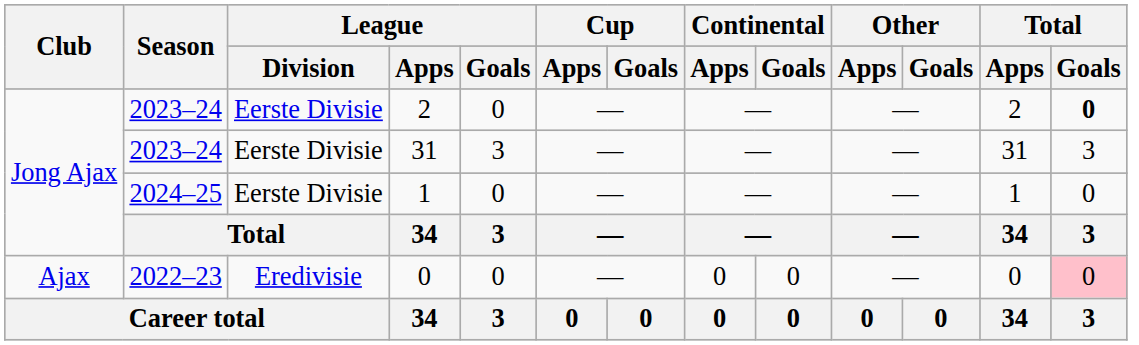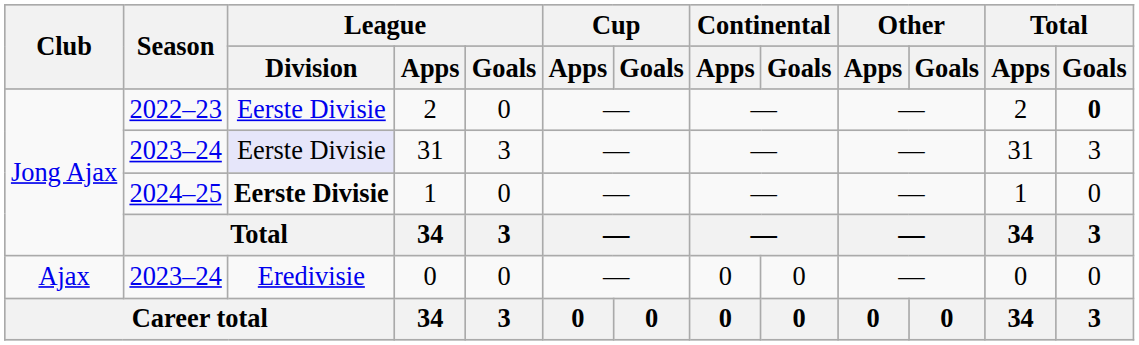 <table class="wikitable" style="text-align: center">
 <tr>
 <th rowspan=2>Club</th>
 <th rowspan=2>Season</th>
 <th colspan=3>League</th>
 <th colspan=2>Cup</th>
 <th colspan=2>Continental</th>
 <th colspan=2>Other</th>
 <th colspan=2>Total</th>
 </tr>
 <tr>
 <th>Division</th>
 <th>Apps</th>
 <th>Goals</th>
 <th>Apps</th>
 <th>Goals</th>
 <th>Apps</th>
 <th>Goals</th>
 <th>Apps</th>
 <th>Goals</th>
 <th>Apps</th>
 <th>Goals</th>
 </tr>
 <tr>
 <td rowspan="4"><a href='#'>Jong Ajax</a></td>
-<td><a href='#'>2023–24</a></td>
+<td><a href='#'>2022–23</a></td>
 <td><a href='#'>Eerste Divisie</a></td>
 <td>2</td>
 <td>0</td>
 <td colspan="2">—</td>
 <td colspan="2">—</td>
 <td colspan="2">—</td>
 <td>2</td>
 <td><strong>0</strong></td>
 </tr>
 <tr>
 <td><a href='#'>2023–24</a></td>
-<td>Eerste Divisie</td>
+<td style="background: lavender;">Eerste Divisie</td>
 <td>31</td>
 <td>3</td>
 <td colspan="2">—</td>
 <td colspan="2">—</td>
 <td colspan="2">—</td>
 <td>31</td>
 <td>3</td>
 </tr>
 <tr>
 <td><a href='#'>2024–25</a></td>
-<td>Eerste Divisie</td>
+<td><strong>Eerste Divisie</strong></td>
 <td>1</td>
 <td>0</td>
 <td colspan="2">—</td>
 <td colspan="2">—</td>
 <td colspan="2">—</td>
 <td>1</td>
 <td>0</td>
 </tr>
 <tr>
 <th colspan="2">Total</th>
 <th>34</th>
 <th>3</th>
 <th colspan="2">—</th>
 <th colspan="2">—</th>
 <th colspan="2">—</th>
 <th>34</th>
 <th>3</th>
 </tr>
 <tr>
 <td><a href='#'>Ajax</a></td>
-<td><a href='#'>2022–23</a></td>
+<td><a href='#'>2023–24</a></td>
 <td><a href='#'>Eredivisie</a></td>
 <td>0</td>
 <td>0</td>
 <td colspan="2">—</td>
 <td>0</td>
 <td>0</td>
 <td colspan="2">—</td>
 <td>0</td>
-<td style="background: pink;">0</td>
+<td>0</td>
 </tr>
 <tr>
 <th colspan="3"><strong>Career total</strong></th>
 <th>34</th>
 <th>3</th>
 <th>0</th>
 <th>0</th>
 <th>0</th>
 <th>0</th>
 <th>0</th>
 <th>0</th>
 <th>34</th>
 <th>3</th>
 </tr>
 </table>
